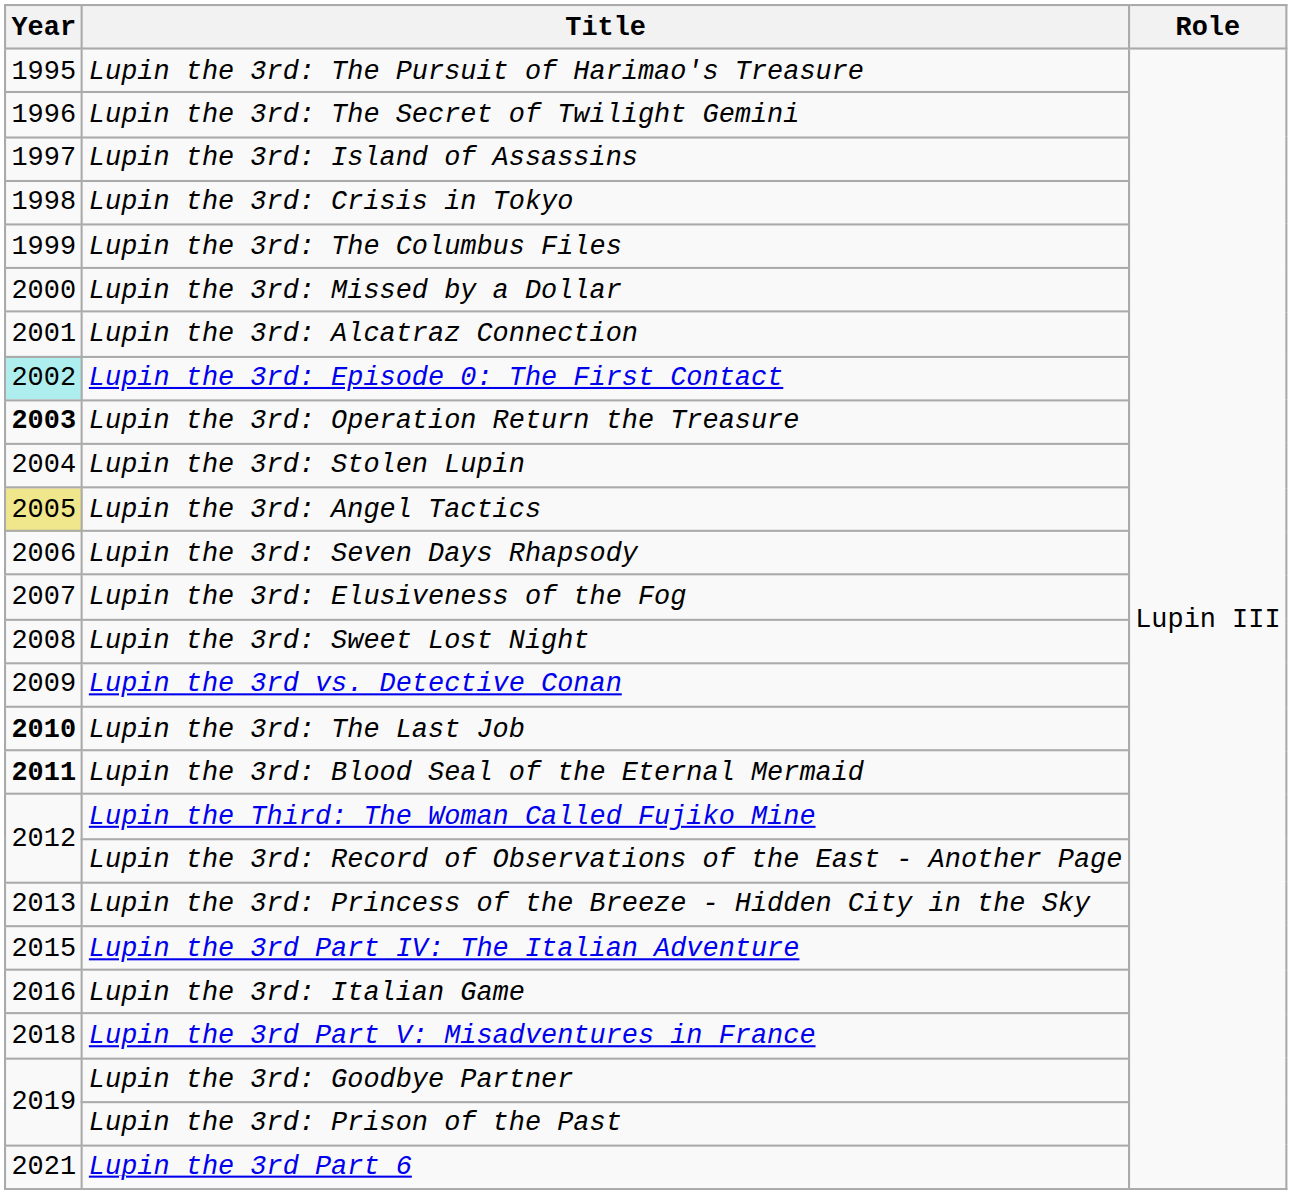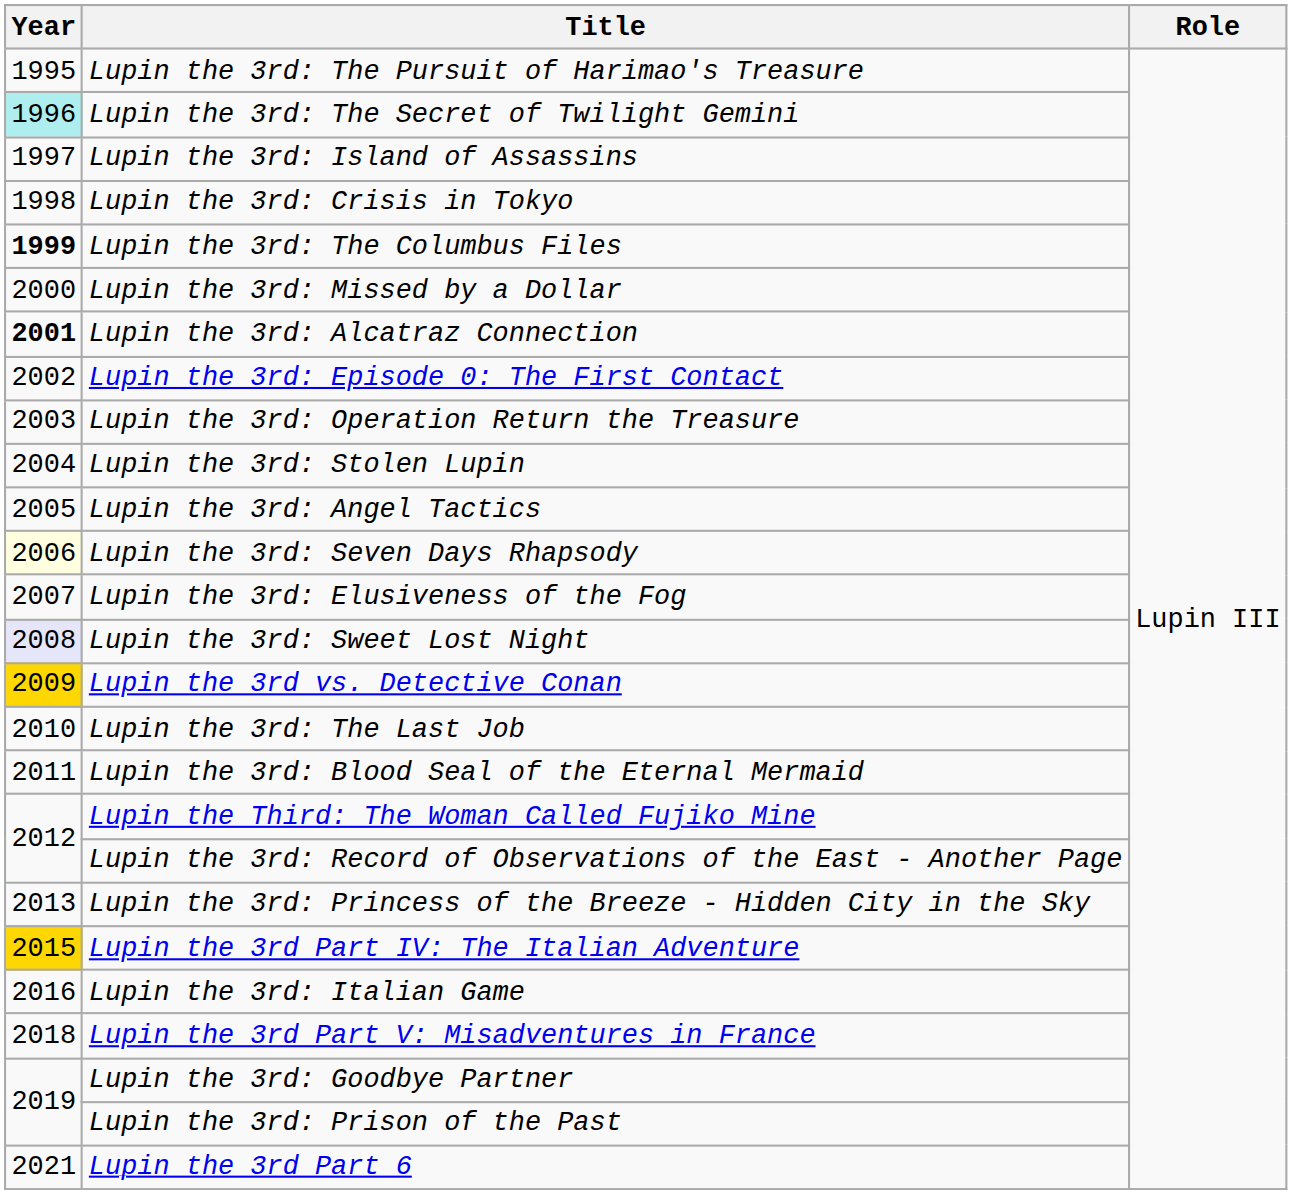 <table class="wikitable">
 <tr>
 <th>Year</th>
 <th>Title</th>
 <th>Role</th>
 </tr>
 <tr>
 <td>1995</td>
 <td><em>Lupin the 3rd: The Pursuit of Harimao's Treasure</em></td>
 <td rowspan="26">Lupin III</td>
 </tr>
 <tr>
-<td>1996</td>
+<td style="background: paleturquoise;">1996</td>
 <td><em>Lupin the 3rd: The Secret of Twilight Gemini</em></td>
 </tr>
 <tr>
 <td>1997</td>
 <td><em>Lupin the 3rd: Island of Assassins</em></td>
 </tr>
 <tr>
 <td>1998</td>
 <td><em>Lupin the 3rd: Crisis in Tokyo</em></td>
 </tr>
 <tr>
-<td>1999</td>
+<td><strong>1999</strong></td>
 <td><em>Lupin the 3rd: The Columbus Files</em></td>
 </tr>
 <tr>
 <td>2000</td>
 <td><em>Lupin the 3rd: Missed by a Dollar</em></td>
 </tr>
 <tr>
-<td>2001</td>
+<td><strong>2001</strong></td>
 <td><em>Lupin the 3rd: Alcatraz Connection</em></td>
 </tr>
 <tr>
-<td style="background: paleturquoise;">2002</td>
+<td>2002</td>
 <td><em><a href='#'>Lupin the 3rd: Episode 0: The First Contact</a></em></td>
 </tr>
 <tr>
-<td><strong>2003</strong></td>
+<td>2003</td>
 <td><em>Lupin the 3rd: Operation Return the Treasure</em></td>
 </tr>
 <tr>
 <td>2004</td>
 <td><em>Lupin the 3rd: Stolen Lupin</em></td>
 </tr>
 <tr>
-<td style="background: khaki;">2005</td>
+<td>2005</td>
 <td><em>Lupin the 3rd: Angel Tactics</em></td>
 </tr>
 <tr>
-<td>2006</td>
+<td style="background: lightyellow;">2006</td>
 <td><em>Lupin the 3rd: Seven Days Rhapsody</em></td>
 </tr>
 <tr>
 <td>2007</td>
 <td><em>Lupin the 3rd: Elusiveness of the Fog</em></td>
 </tr>
 <tr>
-<td>2008</td>
+<td style="background: lavender;">2008</td>
 <td><em>Lupin the 3rd: Sweet Lost Night</em></td>
 </tr>
 <tr>
-<td>2009</td>
+<td style="background: gold;">2009</td>
 <td><em><a href='#'>Lupin the 3rd vs. Detective Conan</a></em></td>
 </tr>
 <tr>
-<td><strong>2010</strong></td>
+<td>2010</td>
 <td><em>Lupin the 3rd: The Last Job</em></td>
 </tr>
 <tr>
-<td><strong>2011</strong></td>
+<td>2011</td>
 <td><em>Lupin the 3rd: Blood Seal of the Eternal Mermaid</em></td>
 </tr>
 <tr>
 <td rowspan="2">2012</td>
 <td><em><a href='#'>Lupin the Third: The Woman Called Fujiko Mine</a></em></td>
 </tr>
 <tr>
 <td><em>Lupin the 3rd: Record of Observations of the East - Another Page</em></td>
 </tr>
 <tr>
 <td>2013</td>
 <td><em>Lupin the 3rd: Princess of the Breeze - Hidden City in the Sky</em></td>
 </tr>
 <tr>
-<td>2015</td>
+<td style="background: gold;">2015</td>
 <td><em><a href='#'>Lupin the 3rd Part IV: The Italian Adventure</a></em></td>
 </tr>
 <tr>
 <td>2016</td>
 <td><em>Lupin the 3rd: Italian Game</em></td>
 </tr>
 <tr>
 <td>2018</td>
 <td><em><a href='#'>Lupin the 3rd Part V: Misadventures in France</a></em></td>
 </tr>
 <tr>
 <td rowspan="2">2019</td>
 <td><em>Lupin the 3rd: Goodbye Partner</em></td>
 </tr>
 <tr>
 <td><em>Lupin the 3rd: Prison of the Past</em></td>
 </tr>
 <tr>
 <td>2021</td>
 <td><em><a href='#'>Lupin the 3rd Part 6</a></em></td>
 </tr>
 </table>
